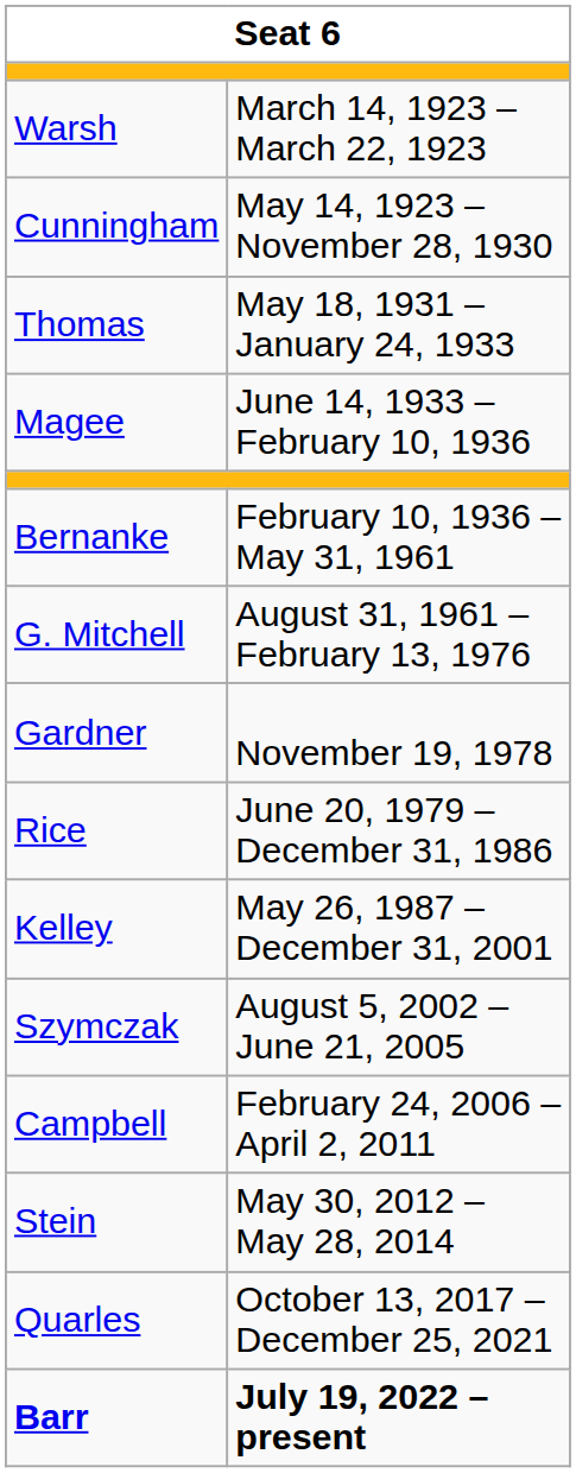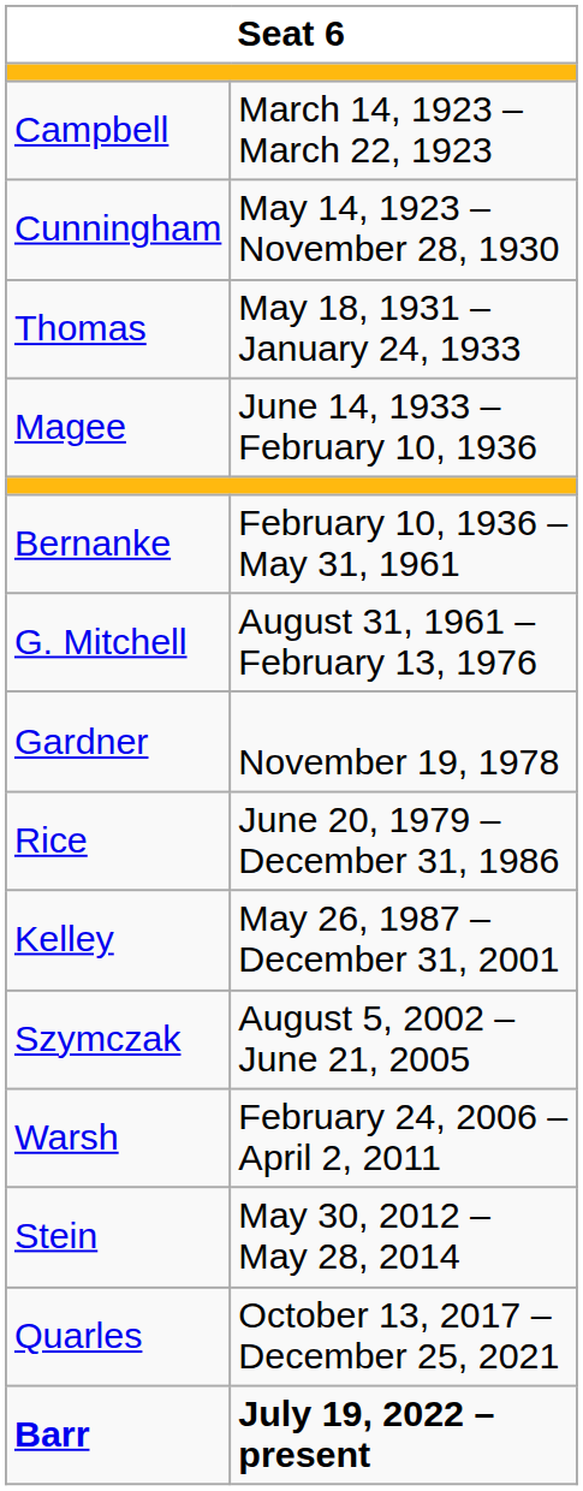 <table class="wikitable">
 <tr>
 <th colspan="2" style="background:#fff;">Seat 6</th>
 </tr>
 <tr>
 <td colspan="2" style="background: #FFB90F;"></td>
 </tr>
 <tr>
-<td><a href='#'>Warsh</a></td>
+<td><a href='#'>Campbell</a></td>
 <td>March 14, 1923 –<br>March 22, 1923</td>
 </tr>
 <tr>
 <td><a href='#'>Cunningham</a></td>
 <td>May 14, 1923 –<br>November 28, 1930</td>
 </tr>
 <tr>
 <td><a href='#'>Thomas</a></td>
 <td>May 18, 1931 –<br>January 24, 1933</td>
 </tr>
 <tr>
 <td><a href='#'>Magee</a></td>
 <td>June 14, 1933 –<br>February 10, 1936</td>
 </tr>
 <tr>
 <td colspan="2" style="background: #FFB90F;"></td>
 </tr>
 <tr>
 <td><a href='#'>Bernanke</a></td>
 <td>February 10, 1936 –<br>May 31, 1961</td>
 </tr>
 <tr>
 <td><a href='#'>G. Mitchell</a></td>
 <td>August 31, 1961 –<br>February 13, 1976</td>
 </tr>
 <tr>
 <td><a href='#'>Gardner</a></td>
 <td><br>November 19, 1978</td>
 </tr>
 <tr>
 <td><a href='#'>Rice</a></td>
 <td>June 20, 1979 –<br>December 31, 1986</td>
 </tr>
 <tr>
 <td><a href='#'>Kelley</a></td>
 <td>May 26, 1987 –<br>December 31, 2001</td>
 </tr>
 <tr>
 <td><a href='#'>Szymczak</a></td>
 <td>August 5, 2002 –<br>June 21, 2005</td>
 </tr>
 <tr>
-<td><a href='#'>Campbell</a></td>
+<td><a href='#'>Warsh</a></td>
 <td>February 24, 2006 –<br>April 2, 2011</td>
 </tr>
 <tr>
 <td><a href='#'>Stein</a></td>
 <td>May 30, 2012 –<br>May 28, 2014</td>
 </tr>
 <tr>
 <td><a href='#'>Quarles</a></td>
 <td>October 13, 2017 –<br>December 25, 2021</td>
 </tr>
 <tr>
 <td><strong><a href='#'>Barr</a></strong></td>
 <td><strong>July 19, 2022 –<br>present</strong></td>
 </tr>
 </table>
